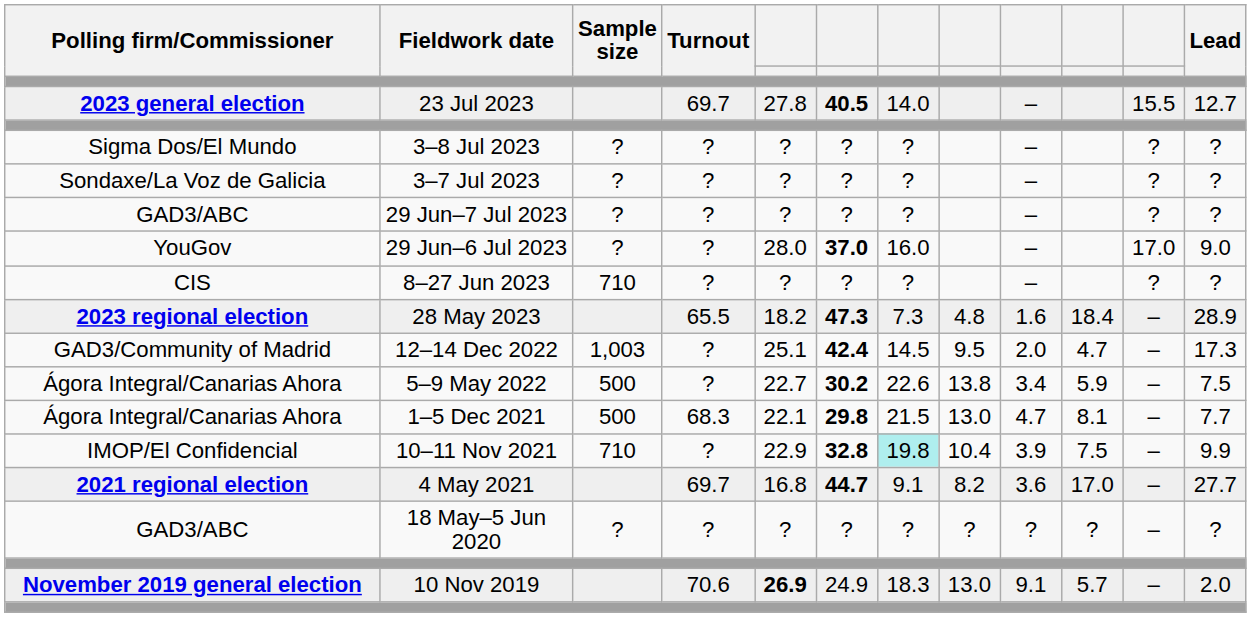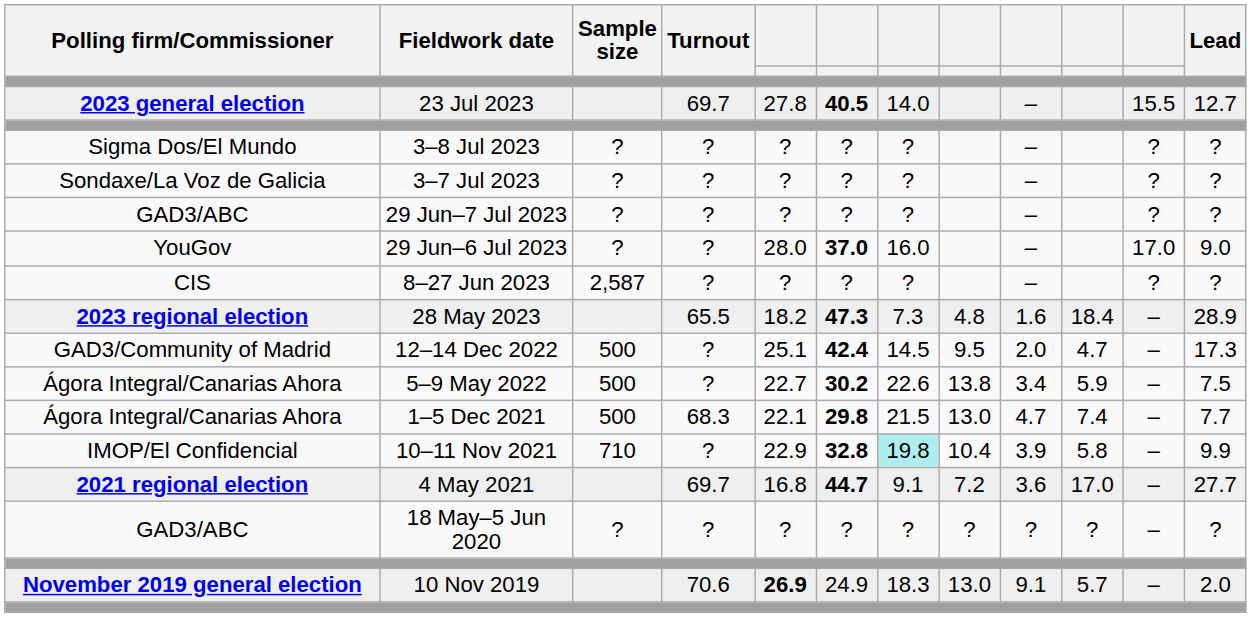 <table class="wikitable collapsible collapsed" style="text-align:center; font-size:95%; line-height:16px;">
 <tr style="height:42px;">
 <th style="width:250px;" rowspan="2">Polling firm/Commissioner</th>
 <th style="width:125px;" rowspan="2">Fieldwork date</th>
 <th style="width:50px;" rowspan="2">Sample size</th>
 <th style="width:45px;" rowspan="2">Turnout</th>
 <th style="width:35px;"></th>
 <th style="width:35px;"></th>
 <th style="width:35px;"></th>
 <th style="width:35px;"></th>
 <th style="width:35px;"></th>
 <th style="width:35px;"></th>
 <th style="width:35px;"></th>
 <th style="width:30px;" rowspan="2">Lead</th>
 </tr>
 <tr>
 <th style="color:inherit;background:"></th>
 <th style="color:inherit;background:"></th>
 <th style="color:inherit;background:"></th>
 <th style="color:inherit;background:"></th>
 <th style="color:inherit;background:"></th>
 <th style="color:inherit;background:"></th>
 <th style="color:inherit;background:"></th>
 </tr>
 <tr>
 <td colspan="12" style="background:#A0A0A0"></td>
 </tr>
 <tr style="background:#EFEFEF;">
 <td><strong><a href='#'>2023 general election</a></strong></td>
 <td>23 Jul 2023</td>
 <td></td>
 <td>69.7</td>
 <td>27.8<br></td>
 <td><strong>40.5</strong><br></td>
 <td>14.0<br></td>
 <td></td>
 <td>–</td>
 <td></td>
 <td>15.5<br></td>
 <td style="background:">12.7</td>
 </tr>
 <tr>
 <td colspan="12" style="background:#A0A0A0"></td>
 </tr>
 <tr>
 <td>Sigma Dos/El Mundo</td>
 <td>3–8 Jul 2023</td>
 <td>?</td>
 <td>?</td>
 <td>?<br></td>
 <td>?<br></td>
 <td>?<br></td>
 <td></td>
 <td>–</td>
 <td></td>
 <td>?<br></td>
 <td style="background:">?</td>
 </tr>
 <tr>
 <td>Sondaxe/La Voz de Galicia</td>
 <td>3–7 Jul 2023</td>
 <td>?</td>
 <td>?</td>
 <td>?<br></td>
 <td>?<br></td>
 <td>?<br></td>
 <td></td>
 <td>–</td>
 <td></td>
 <td>?<br></td>
 <td style="background:">?</td>
 </tr>
 <tr>
 <td>GAD3/ABC</td>
 <td>29 Jun–7 Jul 2023</td>
 <td>?</td>
 <td>?</td>
 <td>?<br></td>
 <td>?<br></td>
 <td>?<br></td>
 <td></td>
 <td>–</td>
 <td></td>
 <td>?<br></td>
 <td style="background:">?</td>
 </tr>
 <tr>
 <td>YouGov</td>
 <td>29 Jun–6 Jul 2023</td>
 <td>?</td>
 <td>?</td>
 <td>28.0<br></td>
 <td><strong>37.0</strong><br></td>
 <td>16.0<br></td>
 <td></td>
 <td>–</td>
 <td></td>
 <td>17.0<br></td>
 <td style="background:">9.0</td>
 </tr>
 <tr>
 <td>CIS</td>
 <td>8–27 Jun 2023</td>
-<td>710</td>
+<td>2,587</td>
 <td>?</td>
 <td>?<br></td>
 <td>?<br></td>
 <td>?<br></td>
 <td></td>
 <td>–</td>
 <td></td>
 <td>?<br></td>
 <td style="background:">?</td>
 </tr>
 <tr style="background:#EFEFEF;">
 <td><strong><a href='#'>2023 regional election</a></strong></td>
 <td>28 May 2023</td>
 <td></td>
 <td>65.5</td>
 <td>18.2<br></td>
 <td><strong>47.3</strong><br></td>
 <td>7.3<br></td>
 <td>4.8<br></td>
 <td>1.6<br></td>
 <td>18.4<br></td>
 <td>–</td>
 <td style="background:">28.9</td>
 </tr>
 <tr>
 <td>GAD3/Community of Madrid</td>
 <td>12–14 Dec 2022</td>
-<td>1,003</td>
+<td>500</td>
 <td>?</td>
 <td>25.1<br></td>
 <td><strong>42.4</strong><br></td>
 <td>14.5<br></td>
 <td>9.5<br></td>
 <td>2.0<br></td>
 <td>4.7<br></td>
 <td>–</td>
 <td style="background:">17.3</td>
 </tr>
 <tr>
 <td>Ágora Integral/Canarias Ahora</td>
 <td>5–9 May 2022</td>
 <td>500</td>
 <td>?</td>
 <td>22.7<br></td>
 <td><strong>30.2</strong><br></td>
 <td>22.6<br></td>
 <td>13.8<br></td>
 <td>3.4<br></td>
 <td>5.9<br></td>
 <td>–</td>
 <td style="background:">7.5</td>
 </tr>
 <tr>
 <td>Ágora Integral/Canarias Ahora</td>
 <td>1–5 Dec 2021</td>
 <td>500</td>
 <td>68.3</td>
 <td>22.1<br></td>
 <td><strong>29.8</strong><br></td>
 <td>21.5<br></td>
 <td>13.0<br></td>
 <td>4.7<br></td>
-<td>8.1<br></td>
+<td>7.4<br></td>
 <td>–</td>
 <td style="background:">7.7</td>
 </tr>
 <tr>
 <td>IMOP/El Confidencial</td>
 <td>10–11 Nov 2021</td>
 <td>710</td>
 <td>?</td>
 <td>22.9<br></td>
 <td><strong>32.8</strong><br></td>
 <td style="background: paleturquoise;">19.8<br></td>
 <td>10.4<br></td>
 <td>3.9<br></td>
-<td>7.5<br></td>
+<td>5.8<br></td>
 <td>–</td>
 <td style="background:">9.9</td>
 </tr>
 <tr style="background:#EFEFEF;">
 <td><strong><a href='#'>2021 regional election</a></strong></td>
 <td>4 May 2021</td>
 <td></td>
 <td>69.7</td>
 <td>16.8<br></td>
 <td><strong>44.7</strong><br></td>
 <td>9.1<br></td>
-<td>8.2<br></td>
+<td>7.2<br></td>
 <td>3.6<br></td>
 <td>17.0<br></td>
 <td>–</td>
 <td style="background:">27.7</td>
 </tr>
 <tr>
 <td>GAD3/ABC</td>
 <td>18 May–5 Jun 2020</td>
 <td>?</td>
 <td>?</td>
 <td>?<br></td>
 <td>?<br></td>
 <td>?<br></td>
 <td>?<br></td>
 <td>?<br></td>
 <td>?<br></td>
 <td>–</td>
 <td style="background:">?</td>
 </tr>
 <tr>
 <td colspan="12" style="background:#A0A0A0"></td>
 </tr>
 <tr style="background:#EFEFEF;">
 <td><strong><a href='#'>November 2019 general election</a></strong></td>
 <td>10 Nov 2019</td>
 <td></td>
 <td>70.6</td>
 <td><strong>26.9</strong><br></td>
 <td>24.9<br></td>
 <td>18.3<br></td>
 <td>13.0<br></td>
 <td>9.1<br></td>
 <td>5.7<br></td>
 <td>–</td>
 <td style="background:">2.0</td>
 </tr>
 <tr>
 <td colspan="12" style="background:#A0A0A0"></td>
 </tr>
 </table>
